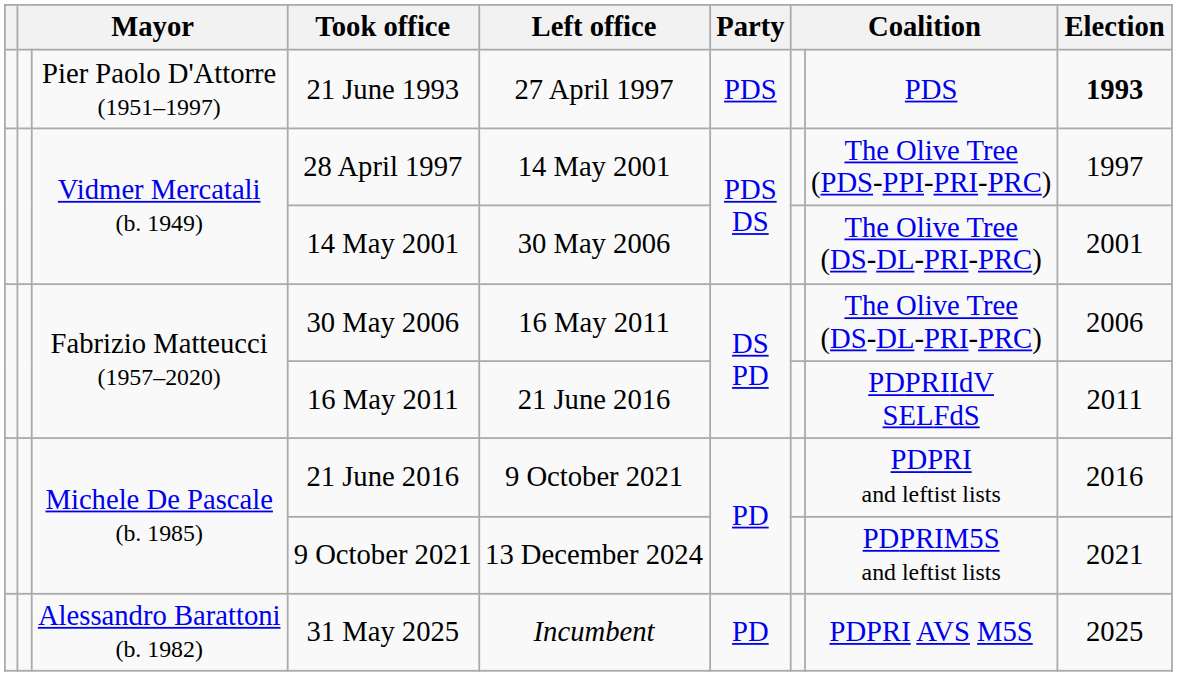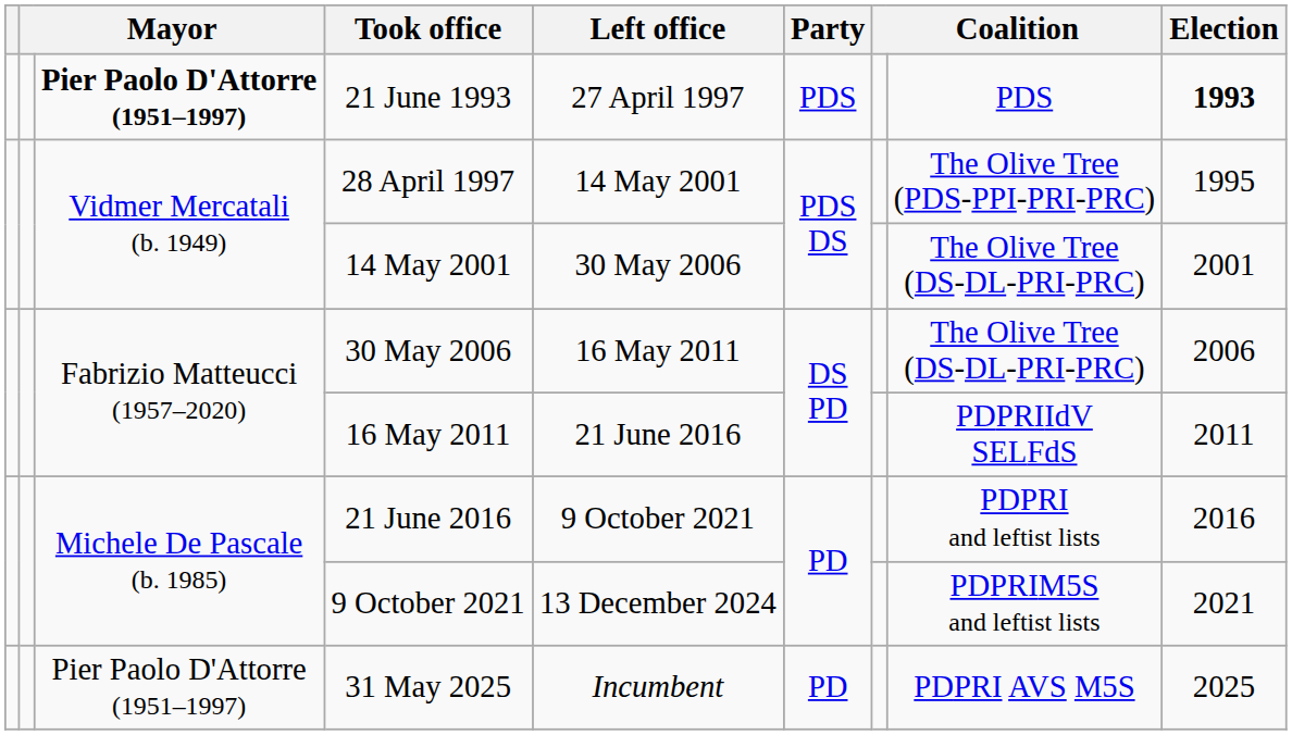 <table class="wikitable" style="text-align: center;">
 <tr>
 <th><br></th>
 <th colspan="2">Mayor</th>
 <th>Took office</th>
 <th>Left office</th>
 <th>Party</th>
 <th colspan="2">Coalition</th>
 <th>Election</th>
 </tr>
 <tr>
 <td style="background: "><strong></strong></td>
 <td></td>
-<td>Pier Paolo D'Attorre<br><small>(1951–1997)</small></td>
+<td><strong>Pier Paolo D'Attorre<br><small>(1951–1997)</small></strong></td>
 <td>21 June 1993</td>
 <td>27 April 1997</td>
 <td><a href='#'>PDS</a></td>
 <td style="background: "></td>
 <td><a href='#'>PDS</a></td>
 <td><strong>1993</strong></td>
 </tr>
 <tr>
 <td rowspan="2" style="background: "><strong></strong></td>
 <td rowspan="2"></td>
 <td rowspan="2"><a href='#'>Vidmer Mercatali</a><br><small>(b. 1949)</small></td>
 <td>28 April 1997</td>
 <td>14 May 2001</td>
 <td rowspan="2"><a href='#'>PDS</a><br><a href='#'>DS</a></td>
 <td style="background: "></td>
 <td><a href='#'>The Olive Tree</a><br>(<a href='#'>PDS</a>-<a href='#'>PPI</a>-<a href='#'>PRI</a>-<a href='#'>PRC</a>)</td>
-<td>1997</td>
+<td>1995</td>
 </tr>
 <tr>
 <td>14 May 2001</td>
 <td>30 May 2006</td>
 <td style="background: "></td>
 <td><a href='#'>The Olive Tree</a><br>(<a href='#'>DS</a>-<a href='#'>DL</a>-<a href='#'>PRI</a>-<a href='#'>PRC</a>)</td>
 <td>2001</td>
 </tr>
 <tr>
 <td rowspan="2" style="background: "><strong></strong></td>
 <td rowspan="2"></td>
 <td rowspan="2">Fabrizio Matteucci<br><small>(1957–2020)</small></td>
 <td>30 May 2006</td>
 <td>16 May 2011</td>
 <td rowspan="2"><a href='#'>DS</a><br><a href='#'>PD</a></td>
 <td style="background: "></td>
 <td><a href='#'>The Olive Tree</a><br>(<a href='#'>DS</a>-<a href='#'>DL</a>-<a href='#'>PRI</a>-<a href='#'>PRC</a>)</td>
 <td>2006</td>
 </tr>
 <tr>
 <td>16 May 2011</td>
 <td>21 June 2016</td>
 <td style="background: "></td>
 <td><a href='#'>PD</a><a href='#'>PRI</a><a href='#'>IdV</a><br><a href='#'>SEL</a><a href='#'>FdS</a></td>
 <td>2011</td>
 </tr>
 <tr>
 <td rowspan=2 style="background: "><strong></strong></td>
 <td rowspan=2></td>
 <td rowspan=2><a href='#'>Michele De Pascale</a><br><small>(b. 1985)</small></td>
 <td>21 June 2016</td>
 <td>9 October 2021</td>
 <td rowspan=2><a href='#'>PD</a></td>
 <td style="background: "></td>
 <td><a href='#'>PD</a><a href='#'>PRI</a><br><small>and leftist lists</small></td>
 <td>2016</td>
 </tr>
 <tr>
 <td>9 October 2021</td>
 <td>13 December 2024</td>
 <td style="background: "></td>
 <td><a href='#'>PD</a><a href='#'>PRI</a><a href='#'>M5S</a><br><small>and leftist lists</small></td>
 <td>2021</td>
 </tr>
 <tr>
 <td style="background: "><strong></strong></td>
 <td></td>
-<td><a href='#'>Alessandro Barattoni</a><br><small>(b. 1982)</small></td>
+<td>Pier Paolo D'Attorre<br><small>(1951–1997)</small></td>
 <td>31 May 2025</td>
 <td><em>Incumbent</em></td>
 <td><a href='#'>PD</a></td>
 <td style="background: "></td>
 <td><a href='#'>PD</a><a href='#'>PRI</a>  <a href='#'>AVS</a>  <a href='#'>M5S</a></td>
 <td>2025</td>
 </tr>
 </table>
